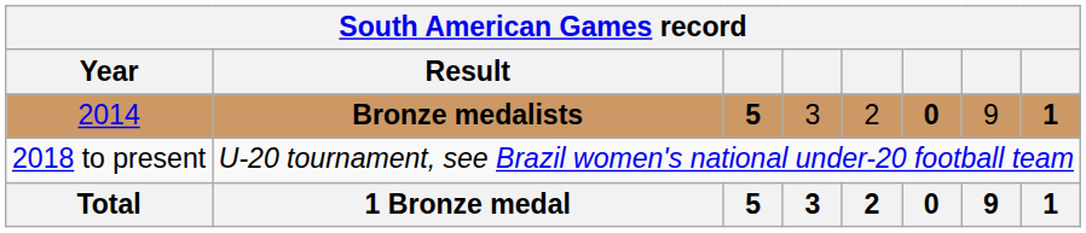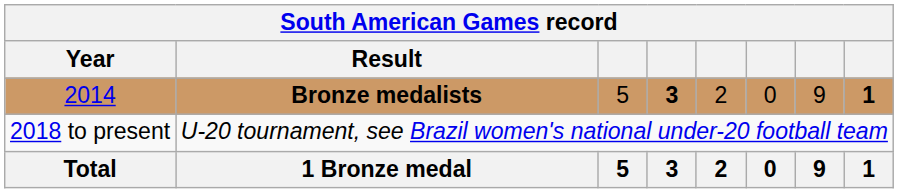 <table class="wikitable" style="text-align: center;">
 <tr>
 <th colspan=8><a href='#'>South American Games</a> record</th>
 </tr>
 <tr>
 <th>Year</th>
 <th>Result</th>
 <th></th>
 <th></th>
 <th></th>
 <th></th>
 <th></th>
 <th></th>
 </tr>
 <tr style="background:#c96;">
 <td> <a href='#'>2014</a></td>
 <td><strong>Bronze medalists</strong></td>
-<td><strong>5</strong></td>
-<td>3</td>
+<td>5</td>
+<td><strong>3</strong></td>
 <td>2</td>
-<td><strong>0</strong></td>
+<td>0</td>
 <td>9</td>
 <td><strong>1</strong></td>
 </tr>
 <tr>
 <td> <a href='#'>2018</a> to present</td>
 <td colspan=7><em>U-20 tournament, see <a href='#'>Brazil women's national under-20 football team</a></em></td>
 </tr>
 <tr>
 <th>Total</th>
 <th>1 Bronze medal</th>
 <th>5</th>
 <th>3</th>
 <th>2</th>
 <th>0</th>
 <th>9</th>
 <th>1</th>
 </tr>
 </table>
